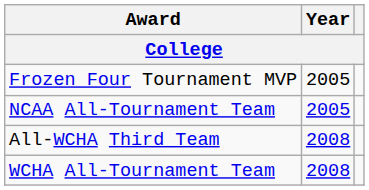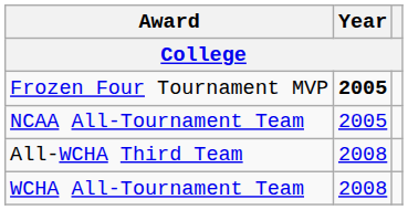 <table class="wikitable">
 <tr>
 <th>Award</th>
 <th>Year</th>
 <th></th>
 </tr>
 <tr>
 <th colspan="3"><a href='#'>College</a></th>
 </tr>
 <tr>
 <td><a href='#'>Frozen Four</a> Tournament MVP</td>
-<td>2005</td>
+<td><strong>2005</strong></td>
 <td></td>
 </tr>
 <tr>
 <td><a href='#'>NCAA</a> <a href='#'>All-Tournament Team</a></td>
 <td><a href='#'>2005</a></td>
 <td></td>
 </tr>
 <tr>
 <td>All-<a href='#'>WCHA</a> <a href='#'>Third Team</a></td>
 <td><a href='#'>2008</a></td>
 <td></td>
 </tr>
 <tr>
 <td><a href='#'>WCHA</a> <a href='#'>All-Tournament Team</a></td>
 <td><a href='#'>2008</a></td>
 <td></td>
 </tr>
 </table>
